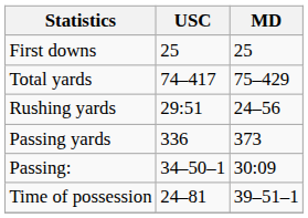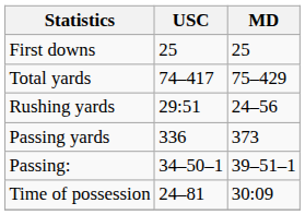 <table class="wikitable" style="float: left;">
 <tr>
 <th>Statistics</th>
 <th>USC</th>
 <th>MD</th>
 </tr>
 <tr>
 <td>First downs</td>
 <td>25</td>
 <td>25</td>
 </tr>
 <tr>
 <td>Total yards</td>
 <td>74–417</td>
 <td>75–429</td>
 </tr>
 <tr>
 <td>Rushing yards</td>
 <td>29:51</td>
 <td>24–56</td>
 </tr>
 <tr>
 <td>Passing yards</td>
 <td>336</td>
 <td>373</td>
 </tr>
 <tr>
 <td>Passing:</td>
 <td>34–50–1</td>
-<td>30:09</td>
+<td>39–51–1</td>
 </tr>
 <tr>
 <td>Time of possession</td>
 <td>24–81</td>
-<td>39–51–1</td>
+<td>30:09</td>
 </tr>
 <tr>
 </tr>
 </table>
